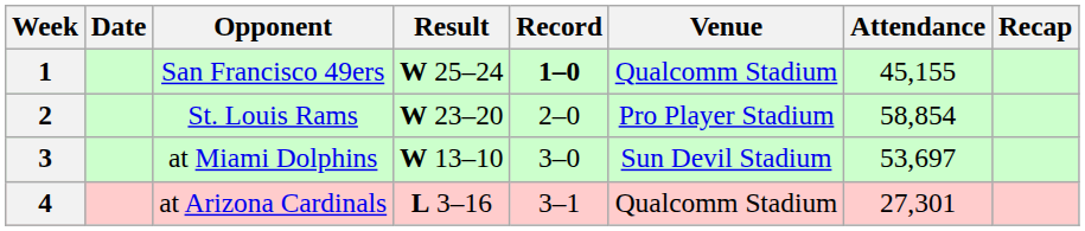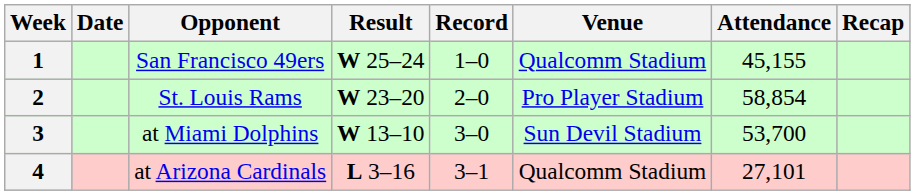 <table class="wikitable" style="text-align:center">
 <tr>
 <th>Week</th>
 <th>Date</th>
 <th>Opponent</th>
 <th>Result</th>
 <th>Record</th>
 <th>Venue</th>
 <th>Attendance</th>
 <th>Recap</th>
 </tr>
 <tr style="background: #cfc;">
 <th>1</th>
 <td></td>
 <td><a href='#'>San Francisco 49ers</a></td>
 <td><strong>W</strong> 25–24</td>
-<td><strong>1–0</strong></td>
+<td>1–0</td>
 <td><a href='#'>Qualcomm Stadium</a></td>
 <td>45,155</td>
 <td></td>
 </tr>
 <tr style="background: #cfc;">
 <th>2</th>
 <td></td>
 <td><a href='#'>St. Louis Rams</a></td>
 <td><strong>W</strong> 23–20 </td>
 <td>2–0</td>
 <td><a href='#'>Pro Player Stadium</a></td>
 <td>58,854</td>
 <td></td>
 </tr>
 <tr style="background: #cfc;">
 <th>3</th>
 <td></td>
 <td>at <a href='#'>Miami Dolphins</a></td>
 <td><strong>W</strong> 13–10 </td>
 <td>3–0</td>
 <td><a href='#'>Sun Devil Stadium</a></td>
-<td>53,697</td>
+<td>53,700</td>
 <td></td>
 </tr>
 <tr style="background: #fcc;">
 <th>4</th>
 <td></td>
 <td>at <a href='#'>Arizona Cardinals</a></td>
 <td><strong>L</strong> 3–16</td>
 <td>3–1</td>
 <td>Qualcomm Stadium</td>
-<td>27,301</td>
+<td>27,101</td>
 <td></td>
 </tr>
 </table>
